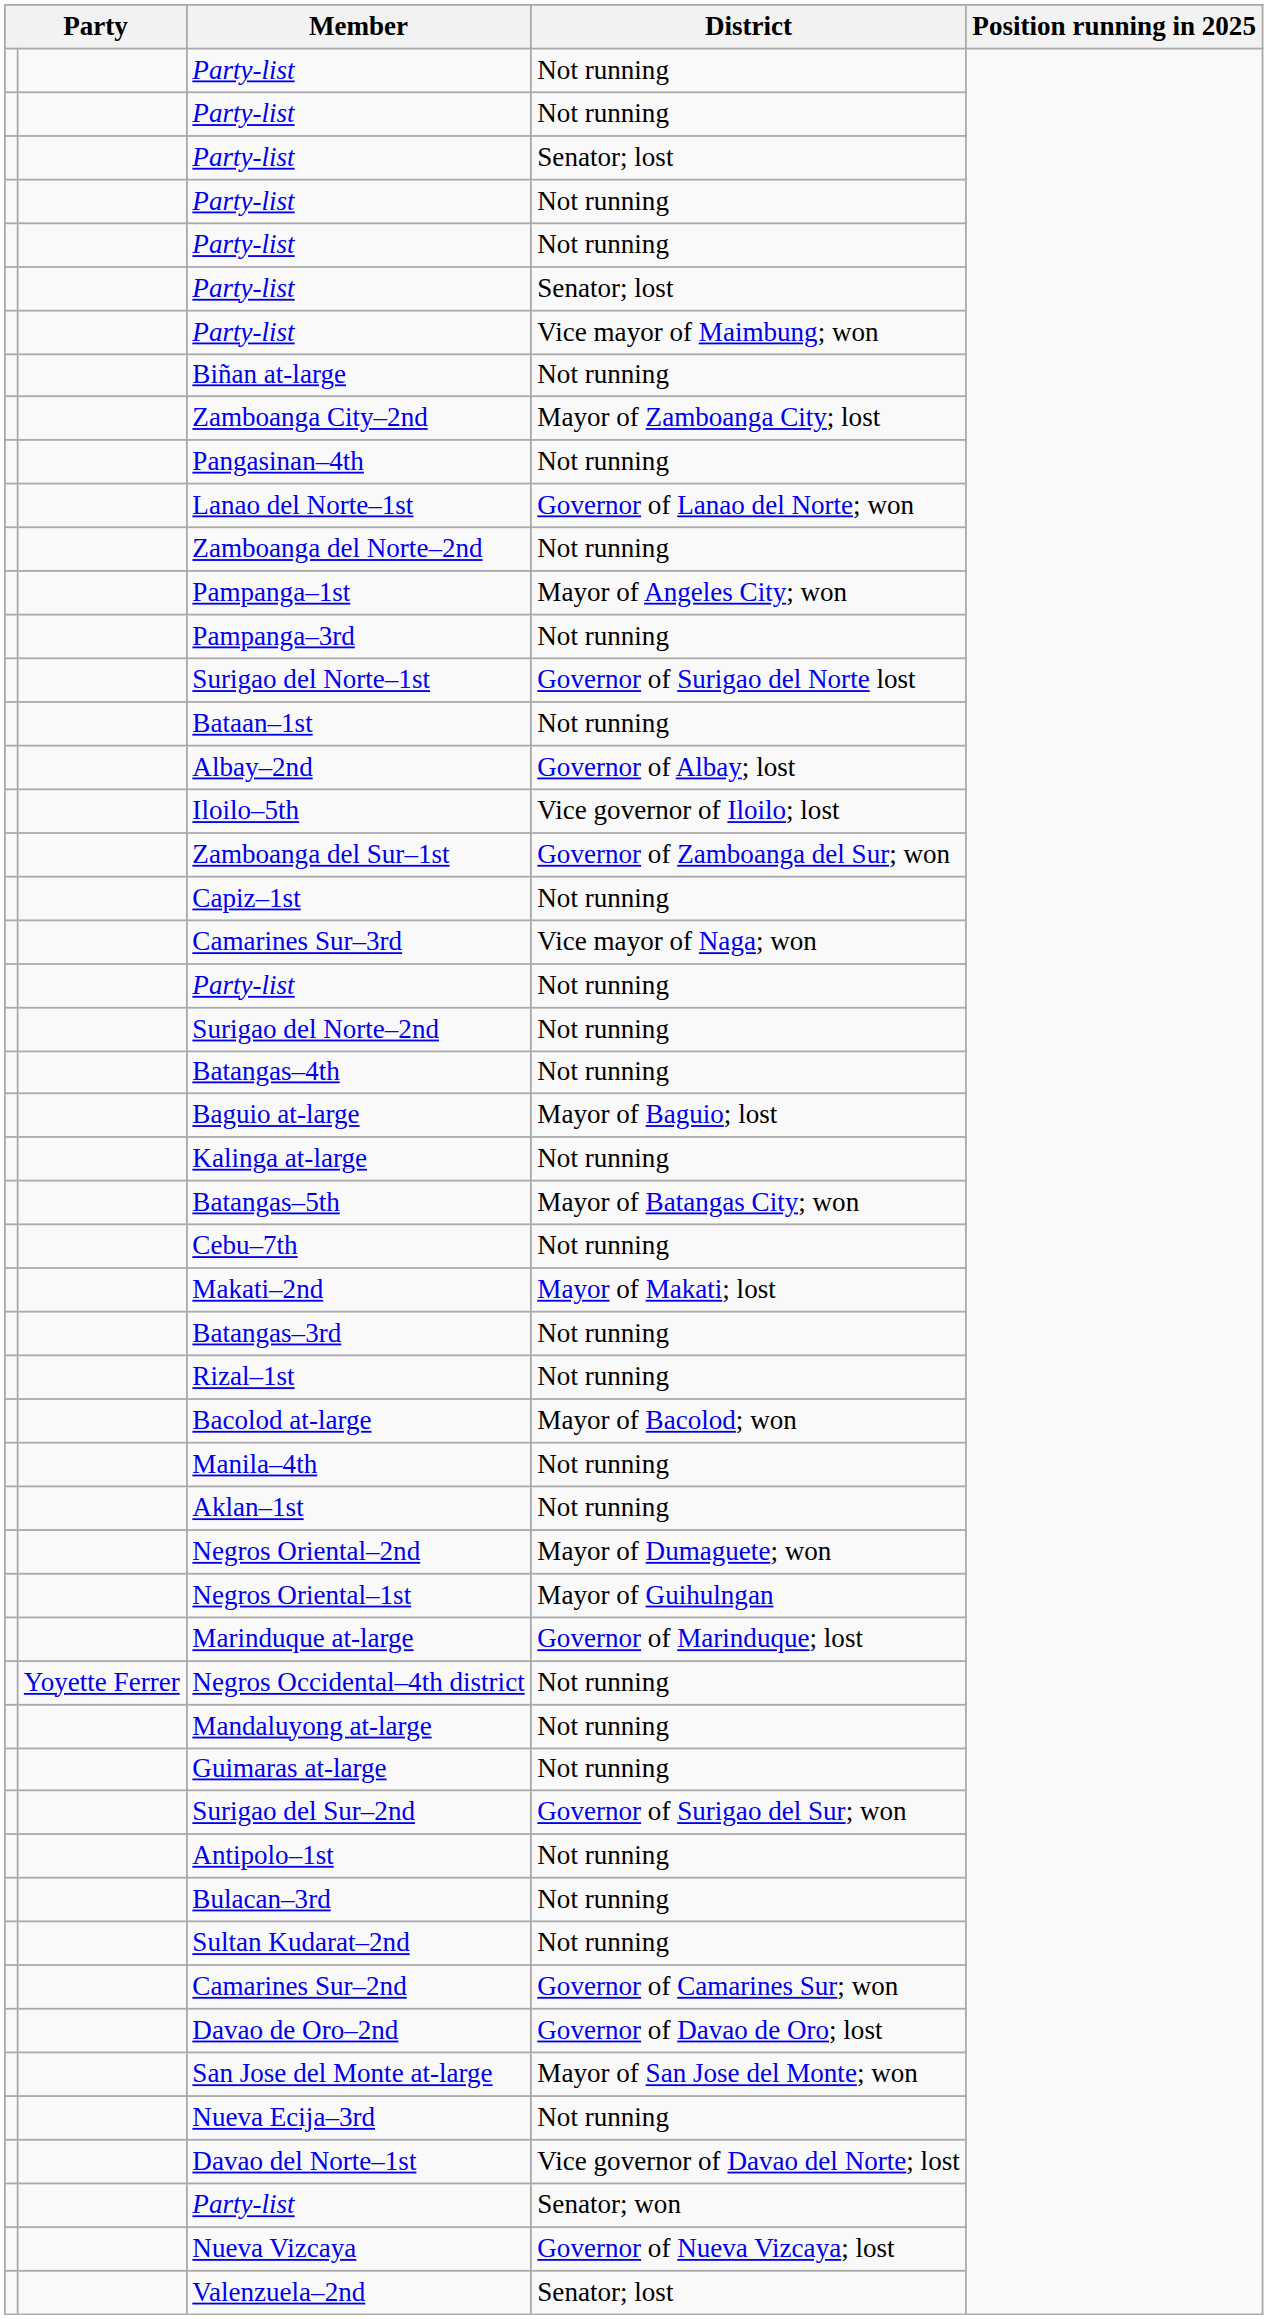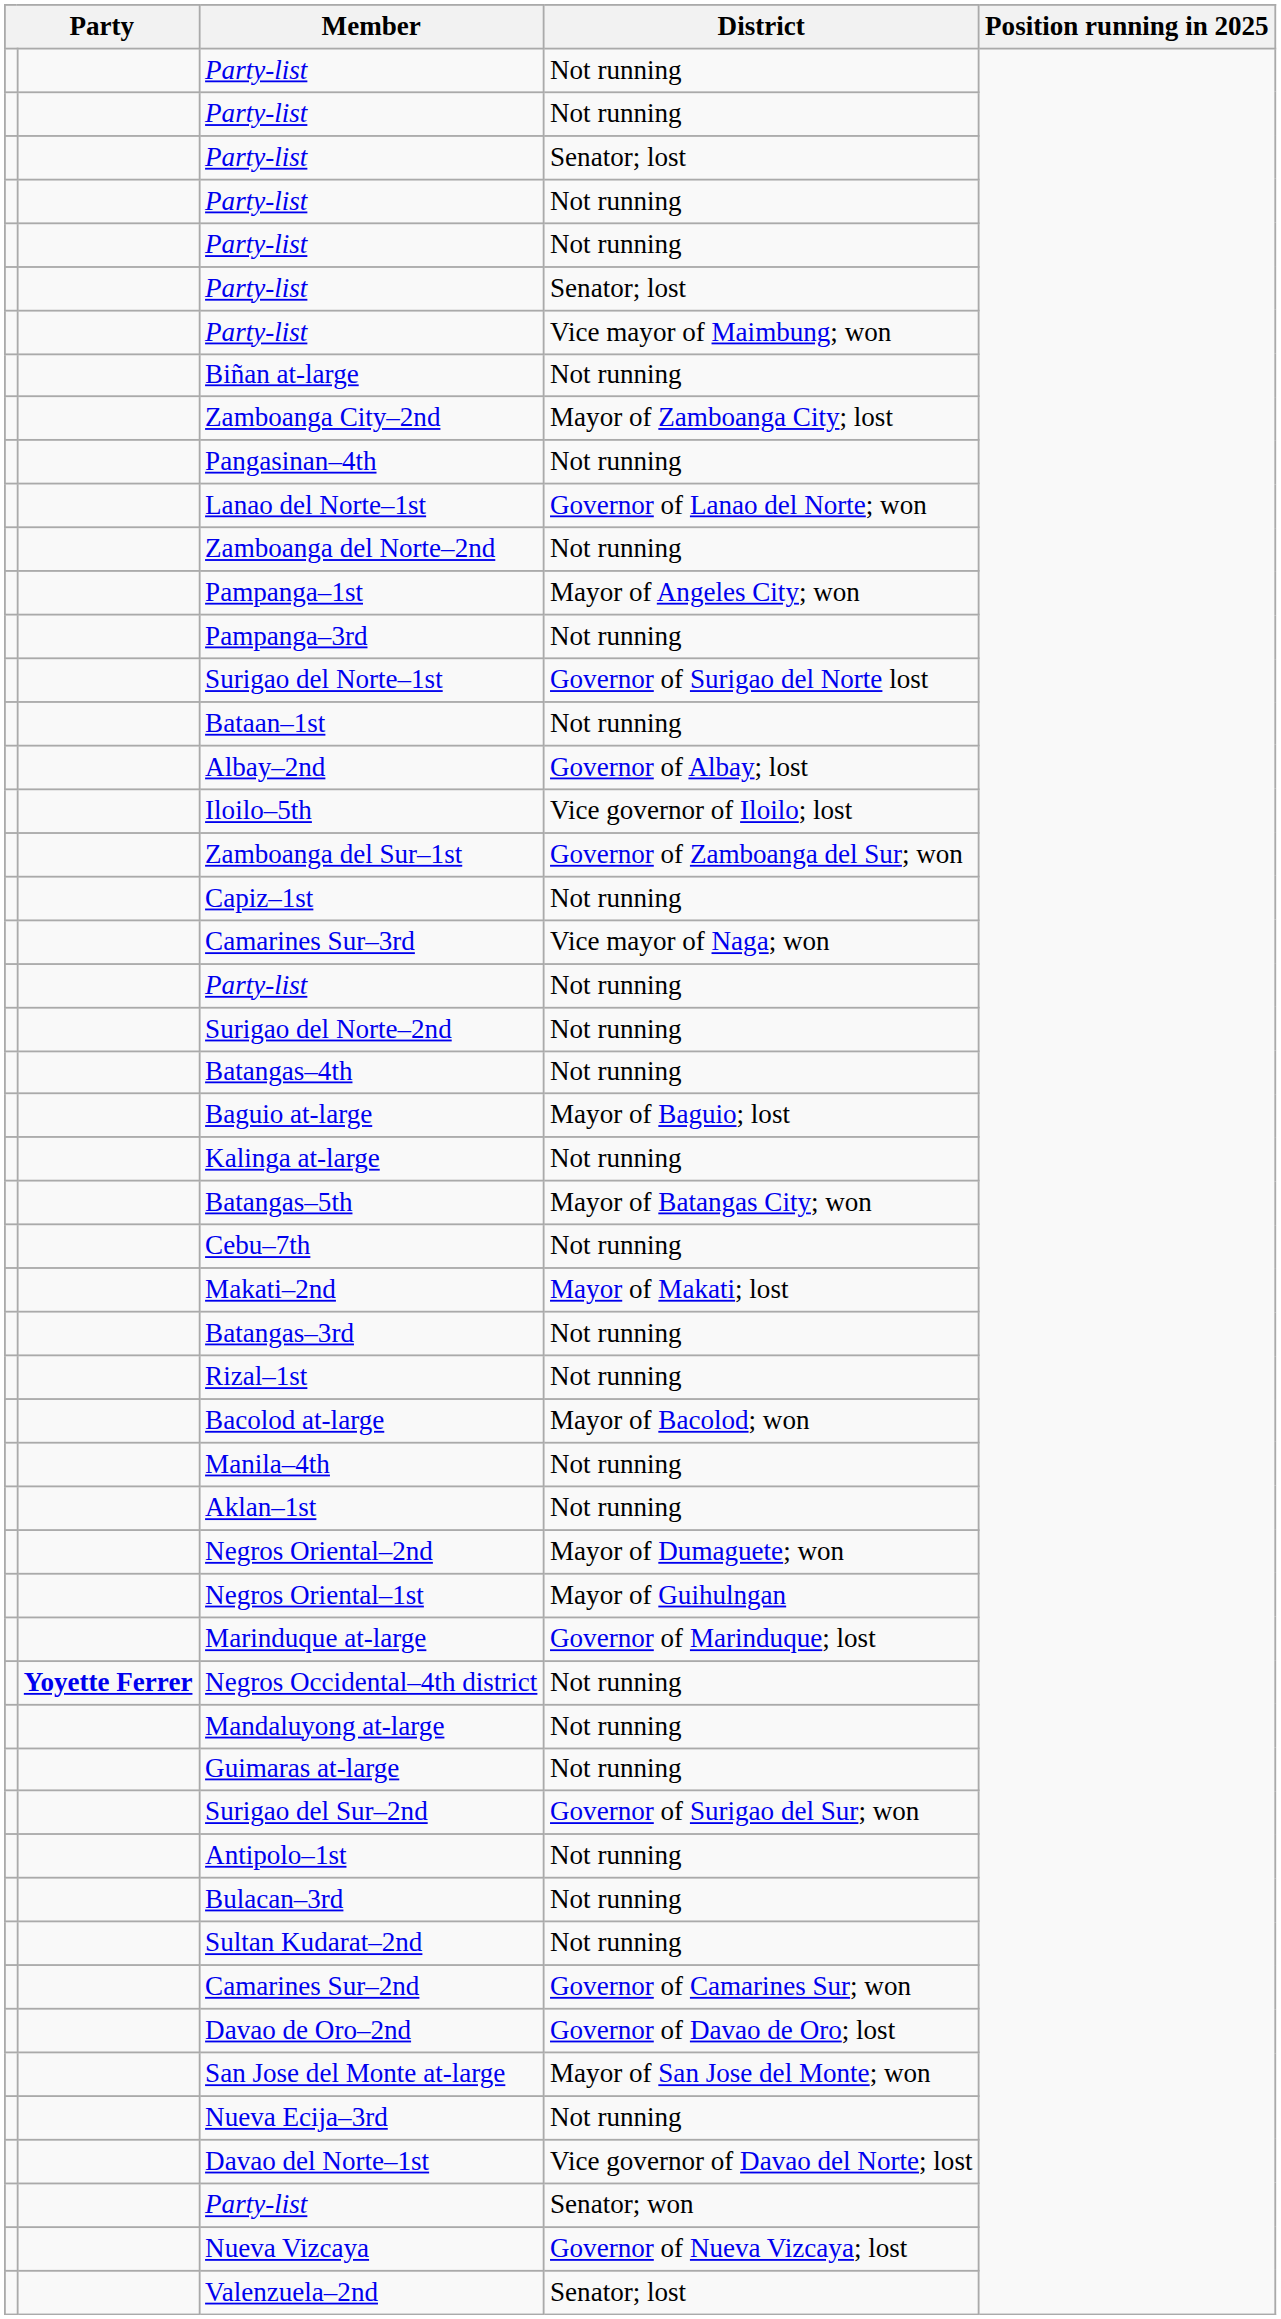 <table class="wikitable sortable" style="font-size:93%">
 <tr>
 <th colspan="2">Party</th>
 <th>Member</th>
 <th>District</th>
 <th>Position running in 2025</th>
 </tr>
 <tr>
 <td></td>
 <td></td>
 <td><a href='#'><em>Party-list</em></a></td>
 <td>Not running</td>
 </tr>
 <tr>
 <td></td>
 <td></td>
 <td><a href='#'><em>Party-list</em></a></td>
 <td>Not running</td>
 </tr>
 <tr>
 <td></td>
 <td></td>
 <td><a href='#'><em>Party-list</em></a></td>
 <td>Senator; lost</td>
 </tr>
 <tr>
 <td></td>
 <td></td>
 <td><a href='#'><em>Party-list</em></a></td>
 <td>Not running</td>
 </tr>
 <tr>
 <td></td>
 <td></td>
 <td><a href='#'><em>Party-list</em></a></td>
 <td>Not running</td>
 </tr>
 <tr>
 <td></td>
 <td></td>
 <td><a href='#'><em>Party-list</em></a></td>
 <td>Senator; lost</td>
 </tr>
 <tr>
 <td></td>
 <td></td>
 <td><a href='#'><em>Party-list</em></a></td>
 <td>Vice mayor of <a href='#'>Maimbung</a>; won</td>
 </tr>
 <tr>
 <td></td>
 <td></td>
 <td><a href='#'>Biñan at-large</a></td>
 <td>Not running</td>
 </tr>
 <tr>
 <td></td>
 <td></td>
 <td><a href='#'>Zamboanga City–2nd</a></td>
 <td>Mayor of <a href='#'>Zamboanga City</a>; lost</td>
 </tr>
 <tr>
 <td></td>
 <td></td>
 <td><a href='#'>Pangasinan–4th</a></td>
 <td>Not running</td>
 </tr>
 <tr>
 <td></td>
 <td></td>
 <td><a href='#'>Lanao del Norte–1st</a></td>
 <td><a href='#'>Governor</a> of <a href='#'>Lanao del Norte</a>; won</td>
 </tr>
 <tr>
 <td></td>
 <td></td>
 <td><a href='#'>Zamboanga del Norte–2nd</a></td>
 <td>Not running</td>
 </tr>
 <tr>
 <td></td>
 <td></td>
 <td><a href='#'>Pampanga–1st</a></td>
 <td>Mayor of <a href='#'>Angeles City</a>; won</td>
 </tr>
 <tr>
 <td></td>
 <td></td>
 <td><a href='#'>Pampanga–3rd</a></td>
 <td>Not running</td>
 </tr>
 <tr>
 <td></td>
 <td></td>
 <td><a href='#'>Surigao del Norte–1st</a></td>
 <td><a href='#'>Governor</a> of <a href='#'>Surigao del Norte</a> lost</td>
 </tr>
 <tr>
 <td></td>
 <td></td>
 <td><a href='#'>Bataan–1st</a></td>
 <td>Not running</td>
 </tr>
 <tr>
 <td></td>
 <td></td>
 <td><a href='#'>Albay–2nd</a></td>
 <td><a href='#'>Governor</a> of <a href='#'>Albay</a>; lost</td>
 </tr>
 <tr>
 <td></td>
 <td></td>
 <td><a href='#'>Iloilo–5th</a></td>
 <td>Vice governor of <a href='#'>Iloilo</a>; lost</td>
 </tr>
 <tr>
 <td></td>
 <td></td>
 <td><a href='#'>Zamboanga del Sur–1st</a></td>
 <td><a href='#'>Governor</a> of <a href='#'>Zamboanga del Sur</a>; won</td>
 </tr>
 <tr>
 <td></td>
 <td></td>
 <td><a href='#'>Capiz–1st</a></td>
 <td>Not running</td>
 </tr>
 <tr>
 <td></td>
 <td></td>
 <td><a href='#'>Camarines Sur–3rd</a></td>
 <td>Vice mayor of <a href='#'>Naga</a>; won</td>
 </tr>
 <tr>
 <td></td>
 <td></td>
 <td><a href='#'><em>Party-list</em></a></td>
 <td>Not running</td>
 </tr>
 <tr>
 <td></td>
 <td></td>
 <td><a href='#'>Surigao del Norte–2nd</a></td>
 <td>Not running</td>
 </tr>
 <tr>
 <td></td>
 <td></td>
 <td><a href='#'>Batangas–4th</a></td>
 <td>Not running</td>
 </tr>
 <tr>
 <td></td>
 <td></td>
 <td><a href='#'>Baguio at-large</a></td>
 <td>Mayor of <a href='#'>Baguio</a>; lost</td>
 </tr>
 <tr>
 <td></td>
 <td></td>
 <td><a href='#'>Kalinga at-large</a></td>
 <td>Not running</td>
 </tr>
 <tr>
 <td></td>
 <td></td>
 <td><a href='#'>Batangas–5th</a></td>
 <td>Mayor of <a href='#'>Batangas City</a>; won</td>
 </tr>
 <tr>
 <td></td>
 <td></td>
 <td><a href='#'>Cebu–7th</a></td>
 <td>Not running</td>
 </tr>
 <tr>
 <td></td>
 <td></td>
 <td><a href='#'>Makati–2nd</a></td>
 <td><a href='#'>Mayor</a> of <a href='#'>Makati</a>; lost</td>
 </tr>
 <tr>
 <td></td>
 <td></td>
 <td><a href='#'>Batangas–3rd</a></td>
 <td>Not running</td>
 </tr>
 <tr>
 <td></td>
 <td></td>
 <td><a href='#'>Rizal–1st</a></td>
 <td>Not running</td>
 </tr>
 <tr>
 <td></td>
 <td></td>
 <td><a href='#'>Bacolod at-large</a></td>
 <td>Mayor of <a href='#'>Bacolod</a>; won</td>
 </tr>
 <tr>
 <td></td>
 <td></td>
 <td><a href='#'>Manila–4th</a></td>
 <td>Not running</td>
 </tr>
 <tr>
 <td></td>
 <td></td>
 <td><a href='#'>Aklan–1st</a></td>
 <td>Not running</td>
 </tr>
 <tr>
 <td></td>
 <td></td>
 <td><a href='#'>Negros Oriental–2nd</a></td>
 <td>Mayor of <a href='#'>Dumaguete</a>; won</td>
 </tr>
 <tr>
 <td></td>
 <td></td>
 <td><a href='#'>Negros Oriental–1st</a></td>
 <td>Mayor of <a href='#'>Guihulngan</a></td>
 </tr>
 <tr>
 <td></td>
 <td></td>
 <td><a href='#'>Marinduque at-large</a></td>
 <td><a href='#'>Governor</a> of <a href='#'>Marinduque</a>; lost</td>
 </tr>
 <tr>
 <td></td>
-<td><a href='#'>Yoyette Ferrer</a></td>
+<td><strong><a href='#'>Yoyette Ferrer</a></strong></td>
 <td><a href='#'>Negros Occidental–4th district</a></td>
 <td>Not running</td>
 </tr>
 <tr>
 <td></td>
 <td></td>
 <td><a href='#'>Mandaluyong at-large</a></td>
 <td>Not running</td>
 </tr>
 <tr>
 <td></td>
 <td></td>
 <td><a href='#'>Guimaras at-large</a></td>
 <td>Not running</td>
 </tr>
 <tr>
 <td></td>
 <td></td>
 <td><a href='#'>Surigao del Sur–2nd</a></td>
 <td><a href='#'>Governor</a> of <a href='#'>Surigao del Sur</a>; won</td>
 </tr>
 <tr>
 <td></td>
 <td></td>
 <td><a href='#'>Antipolo–1st</a></td>
 <td>Not running</td>
 </tr>
 <tr>
 <td></td>
 <td></td>
 <td><a href='#'>Bulacan–3rd</a></td>
 <td>Not running</td>
 </tr>
 <tr>
 <td></td>
 <td></td>
 <td><a href='#'>Sultan Kudarat–2nd</a></td>
 <td>Not running</td>
 </tr>
 <tr>
 <td></td>
 <td></td>
 <td><a href='#'>Camarines Sur–2nd</a></td>
 <td><a href='#'>Governor</a> of <a href='#'>Camarines Sur</a>; won</td>
 </tr>
 <tr>
 <td></td>
 <td></td>
 <td><a href='#'>Davao de Oro–2nd</a></td>
 <td><a href='#'>Governor</a> of <a href='#'>Davao de Oro</a>; lost</td>
 </tr>
 <tr>
 <td></td>
 <td></td>
 <td><a href='#'>San Jose del Monte at-large</a></td>
 <td>Mayor of <a href='#'>San Jose del Monte</a>; won</td>
 </tr>
 <tr>
 <td></td>
 <td></td>
 <td><a href='#'>Nueva Ecija–3rd</a></td>
 <td>Not running</td>
 </tr>
 <tr>
 <td></td>
 <td></td>
 <td><a href='#'>Davao del Norte–1st</a></td>
 <td>Vice governor of <a href='#'>Davao del Norte</a>; lost</td>
 </tr>
 <tr>
 <td></td>
 <td></td>
 <td><a href='#'><em>Party-list</em></a></td>
 <td>Senator; won</td>
 </tr>
 <tr>
 <td></td>
 <td></td>
 <td><a href='#'>Nueva Vizcaya</a></td>
 <td><a href='#'>Governor</a> of <a href='#'>Nueva Vizcaya</a>; lost</td>
 </tr>
 <tr>
 <td></td>
 <td></td>
 <td><a href='#'>Valenzuela–2nd</a></td>
 <td>Senator; lost</td>
 </tr>
 </table>
